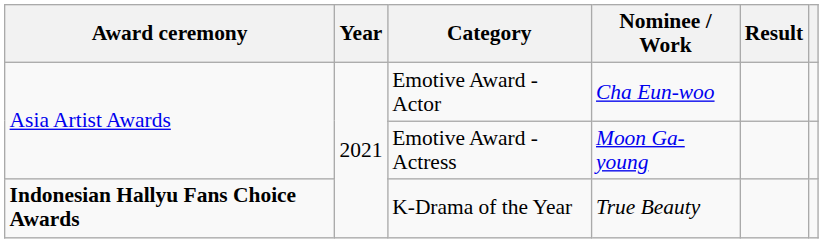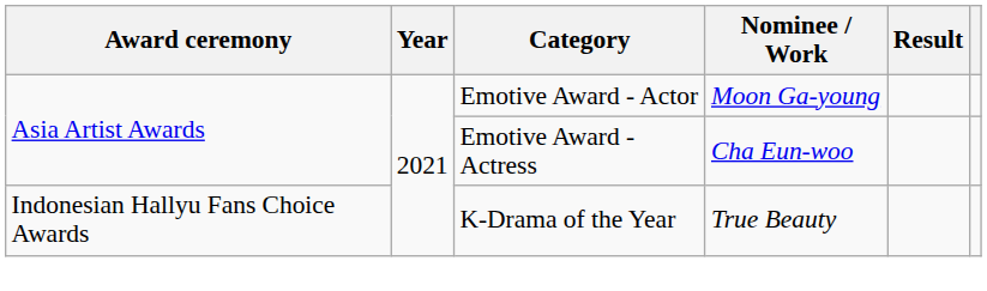 <table class="wikitable plainrowheaders sortable">
 <tr>
 <th scope="col">Award ceremony</th>
 <th scope="col">Year</th>
 <th scope="col">Category</th>
 <th scope="col">Nominee / Work</th>
 <th scope="col">Result</th>
 <th scope="col" class="unsortable"></th>
 </tr>
 <tr>
 <td scope="row" rowspan="2"><a href='#'>Asia Artist Awards</a></td>
 <td scope="row" rowspan="3">2021</td>
 <td>Emotive Award - Actor</td>
+<td><em><a href='#'>Moon Ga-young</a></em></td>
+<td></td>
+<td style="text-align:center"></td>
+</tr>
+<tr>
+<td>Emotive Award - Actress</td>
 <td><em><a href='#'>Cha Eun-woo</a></em></td>
 <td></td>
 <td style="text-align:center"></td>
 </tr>
 <tr>
-<td>Emotive Award - Actress</td>
-<td><em><a href='#'>Moon Ga-young</a></em></td>
-<td></td>
-<td style="text-align:center"></td>
-</tr>
-<tr>
-<td><strong>Indonesian Hallyu Fans Choice Awards</strong></td>
+<td>Indonesian Hallyu Fans Choice Awards</td>
 <td>K-Drama of the Year</td>
 <td><em>True Beauty</em></td>
 <td></td>
 <td style="text-align:center"></td>
 </tr>
 </table>
